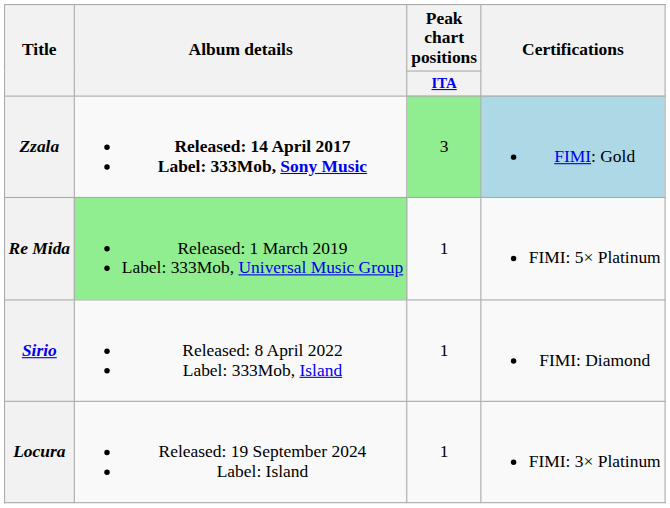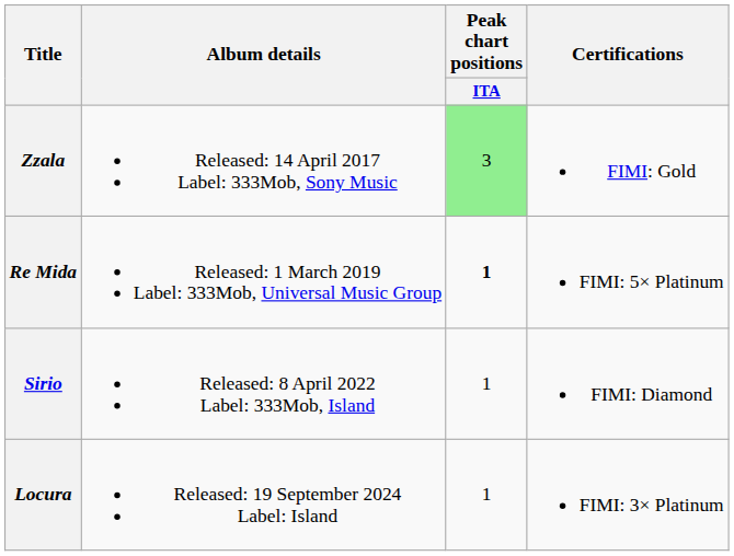 <table class="wikitable plainrowheaders" style="text-align:center;">
 <tr>
 <th rowspan="2" scope="col">Title</th>
 <th rowspan="2" scope="col">Album details</th>
 <th colspan="1" scope="col">Peak chart positions</th>
 <th rowspan="2" scope="col">Certifications</th>
 </tr>
 <tr>
 <th scope="col" style="width:3em;font-size:85%;"><a href='#'>ITA</a><br></th>
 </tr>
 <tr>
 <th scope="row"><em>Zzala</em></th>
-<td><strong><br><ul><li>Released: 14 April 2017</li><li>Label: 333Mob, <a href='#'>Sony Music</a></li></ul></strong></td>
+<td><br><ul><li>Released: 14 April 2017</li><li>Label: 333Mob, <a href='#'>Sony Music</a></li></ul></td>
 <td style="background: lightgreen;">3</td>
-<td style="background: lightblue;"><br><ul><li><a href='#'>FIMI</a>: Gold</li></ul></td>
+<td><br><ul><li><a href='#'>FIMI</a>: Gold</li></ul></td>
 </tr>
 <tr>
 <th scope="row"><em>Re Mida</em></th>
-<td style="background: lightgreen;"><br><ul><li>Released: 1 March 2019</li><li>Label: 333Mob, <a href='#'>Universal Music Group</a></li></ul></td>
-<td>1</td>
+<td><br><ul><li>Released: 1 March 2019</li><li>Label: 333Mob, <a href='#'>Universal Music Group</a></li></ul></td>
+<td><strong>1</strong></td>
 <td><br><ul><li>FIMI: 5× Platinum</li></ul></td>
 </tr>
 <tr>
 <th scope="row"><em><a href='#'>Sirio</a></em></th>
 <td><br><ul><li>Released: 8 April 2022</li><li>Label: 333Mob, <a href='#'>Island</a></li></ul></td>
 <td>1</td>
 <td><br><ul><li>FIMI: Diamond</li></ul></td>
 </tr>
 <tr>
 <th scope="row"><em>Locura</em></th>
 <td><br><ul><li>Released: 19 September 2024</li><li>Label: Island</li></ul></td>
 <td>1</td>
 <td><br><ul><li>FIMI: 3× Platinum</li></ul></td>
 </tr>
 </table>
